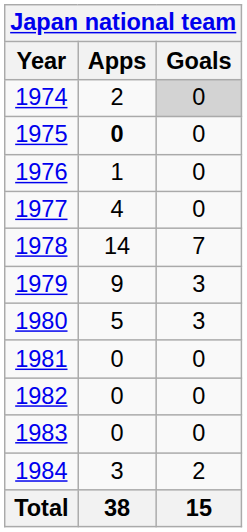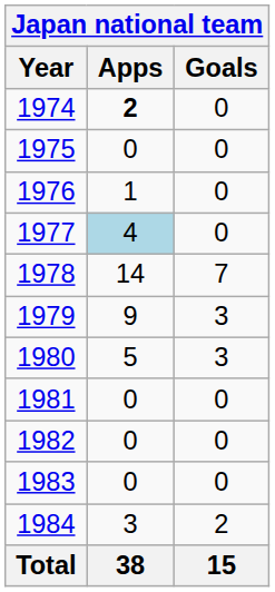 <table class="wikitable" style="text-align:center">
 <tr>
 <th colspan=3><a href='#'>Japan national team</a></th>
 </tr>
 <tr>
 <th>Year</th>
 <th>Apps</th>
 <th>Goals</th>
 </tr>
 <tr>
 <td><a href='#'>1974</a></td>
-<td>2</td>
-<td style="background: lightgrey;">0</td>
+<td><strong>2</strong></td>
+<td>0</td>
 </tr>
 <tr>
 <td><a href='#'>1975</a></td>
-<td><strong>0</strong></td>
+<td>0</td>
 <td>0</td>
 </tr>
 <tr>
 <td><a href='#'>1976</a></td>
 <td>1</td>
 <td>0</td>
 </tr>
 <tr>
 <td><a href='#'>1977</a></td>
-<td>4</td>
+<td style="background: lightblue;">4</td>
 <td>0</td>
 </tr>
 <tr>
 <td><a href='#'>1978</a></td>
 <td>14</td>
 <td>7</td>
 </tr>
 <tr>
 <td><a href='#'>1979</a></td>
 <td>9</td>
 <td>3</td>
 </tr>
 <tr>
 <td><a href='#'>1980</a></td>
 <td>5</td>
 <td>3</td>
 </tr>
 <tr>
 <td><a href='#'>1981</a></td>
 <td>0</td>
 <td>0</td>
 </tr>
 <tr>
 <td><a href='#'>1982</a></td>
 <td>0</td>
 <td>0</td>
 </tr>
 <tr>
 <td><a href='#'>1983</a></td>
 <td>0</td>
 <td>0</td>
 </tr>
 <tr>
 <td><a href='#'>1984</a></td>
 <td>3</td>
 <td>2</td>
 </tr>
 <tr>
 <th>Total</th>
 <th>38</th>
 <th>15</th>
 </tr>
 </table>
